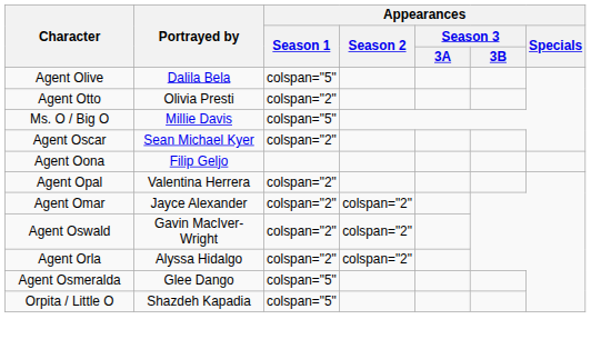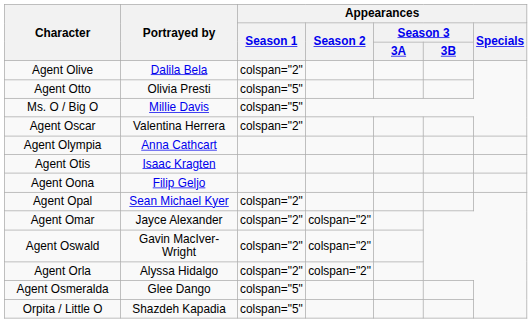 <table class="wikitable plainrowheaders" style="text-align:center;">
 <tr>
 <th scope="col" style="width:150px;" rowspan="3">Character</th>
 <th scope="col" style="width:150px;" rowspan="3">Portrayed by</th>
 <th scope="col" colspan="5">Appearances</th>
 </tr>
 <tr>
 <th scope="col" rowspan="2" style="width:60px;"><a href='#'>Season 1</a></th>
 <th scope="col" rowspan="2" style="width:60px;"><a href='#'>Season 2</a></th>
 <th scope="col" colspan="2"><a href='#'>Season 3</a></th>
 <th scope="col" rowspan="2" style="width:60px;"><a href='#'>Specials</a></th>
 </tr>
 <tr>
 <th scope="col" style="width:60px;"><a href='#'>3A</a></th>
 <th scope="col" style="width:60px;"><a href='#'>3B</a></th>
 </tr>
 <tr>
 <td>Agent Olive</td>
 <td><a href='#'>Dalila Bela</a></td>
-<td>colspan="5" </td>
+<td>colspan="2" </td>
 <td></td>
 <td></td>
 <td></td>
 </tr>
 <tr>
 <td>Agent Otto</td>
 <td>Olivia Presti</td>
-<td>colspan="2" </td>
+<td>colspan="5" </td>
 <td></td>
 <td></td>
 <td></td>
 </tr>
 <tr>
 <td>Ms. O / Big O</td>
 <td><a href='#'>Millie Davis</a></td>
 <td>colspan="5" </td>
 </tr>
 <tr>
 <td>Agent Oscar</td>
-<td><a href='#'>Sean Michael Kyer</a></td>
+<td>Valentina Herrera</td>
 <td>colspan="2" </td>
+<td></td>
+<td></td>
+<td></td>
+</tr>
+<tr>
+<td>Agent Olympia</td>
+<td><a href='#'>Anna Cathcart</a></td>
+<td></td>
+<td></td>
+<td></td>
+<td></td>
+<td></td>
+</tr>
+<tr>
+<td>Agent Otis</td>
+<td><a href='#'>Isaac Kragten</a></td>
+<td></td>
+<td></td>
 <td></td>
 <td></td>
 <td></td>
 </tr>
 <tr>
 <td>Agent Oona</td>
 <td><a href='#'>Filip Geljo</a></td>
 <td></td>
 <td></td>
 <td></td>
 <td></td>
 <td></td>
 </tr>
 <tr>
 <td>Agent Opal</td>
-<td>Valentina Herrera</td>
+<td><a href='#'>Sean Michael Kyer</a></td>
 <td>colspan="2" </td>
 <td></td>
 <td></td>
 <td></td>
 </tr>
 <tr>
 <td>Agent Omar</td>
 <td>Jayce Alexander</td>
 <td>colspan="2" </td>
 <td>colspan="2" </td>
 <td></td>
 </tr>
 <tr>
 <td>Agent Oswald</td>
 <td>Gavin MacIver-Wright</td>
 <td>colspan="2" </td>
 <td>colspan="2" </td>
 <td></td>
 </tr>
 <tr>
 <td>Agent Orla</td>
 <td>Alyssa Hidalgo</td>
 <td>colspan="2" </td>
 <td>colspan="2" </td>
 <td></td>
 </tr>
 <tr>
 <td>Agent Osmeralda</td>
 <td>Glee Dango</td>
 <td>colspan="5" </td>
 <td></td>
 <td></td>
 <td></td>
 </tr>
 <tr>
 <td>Orpita / Little O</td>
 <td>Shazdeh Kapadia</td>
 <td>colspan="5" </td>
 <td></td>
 <td></td>
 <td></td>
 </tr>
 </table>
